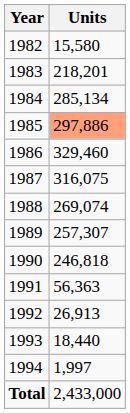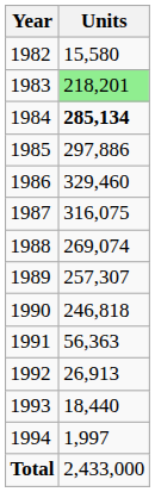 <table class="wikitable">
 <tr>
 <th>Year</th>
 <th>Units<br></th>
 </tr>
 <tr>
 <td>1982</td>
 <td>15,580</td>
 </tr>
 <tr>
 <td>1983</td>
-<td>218,201</td>
+<td style="background: lightgreen;">218,201</td>
 </tr>
 <tr>
 <td>1984</td>
-<td>285,134</td>
+<td><strong>285,134</strong></td>
 </tr>
 <tr>
 <td>1985</td>
-<td style="background: lightsalmon;">297,886</td>
+<td>297,886</td>
 </tr>
 <tr>
 <td>1986</td>
 <td>329,460</td>
 </tr>
 <tr>
 <td>1987</td>
 <td>316,075</td>
 </tr>
 <tr>
 <td>1988</td>
 <td>269,074</td>
 </tr>
 <tr>
 <td>1989</td>
 <td>257,307</td>
 </tr>
 <tr>
 <td>1990</td>
 <td>246,818</td>
 </tr>
 <tr>
 <td>1991</td>
 <td>56,363</td>
 </tr>
 <tr>
 <td>1992</td>
 <td>26,913</td>
 </tr>
 <tr>
 <td>1993</td>
 <td>18,440</td>
 </tr>
 <tr>
 <td>1994</td>
 <td>1,997</td>
 </tr>
 <tr>
 <td><strong>Total </strong></td>
 <td>2,433,000</td>
 </tr>
 </table>
